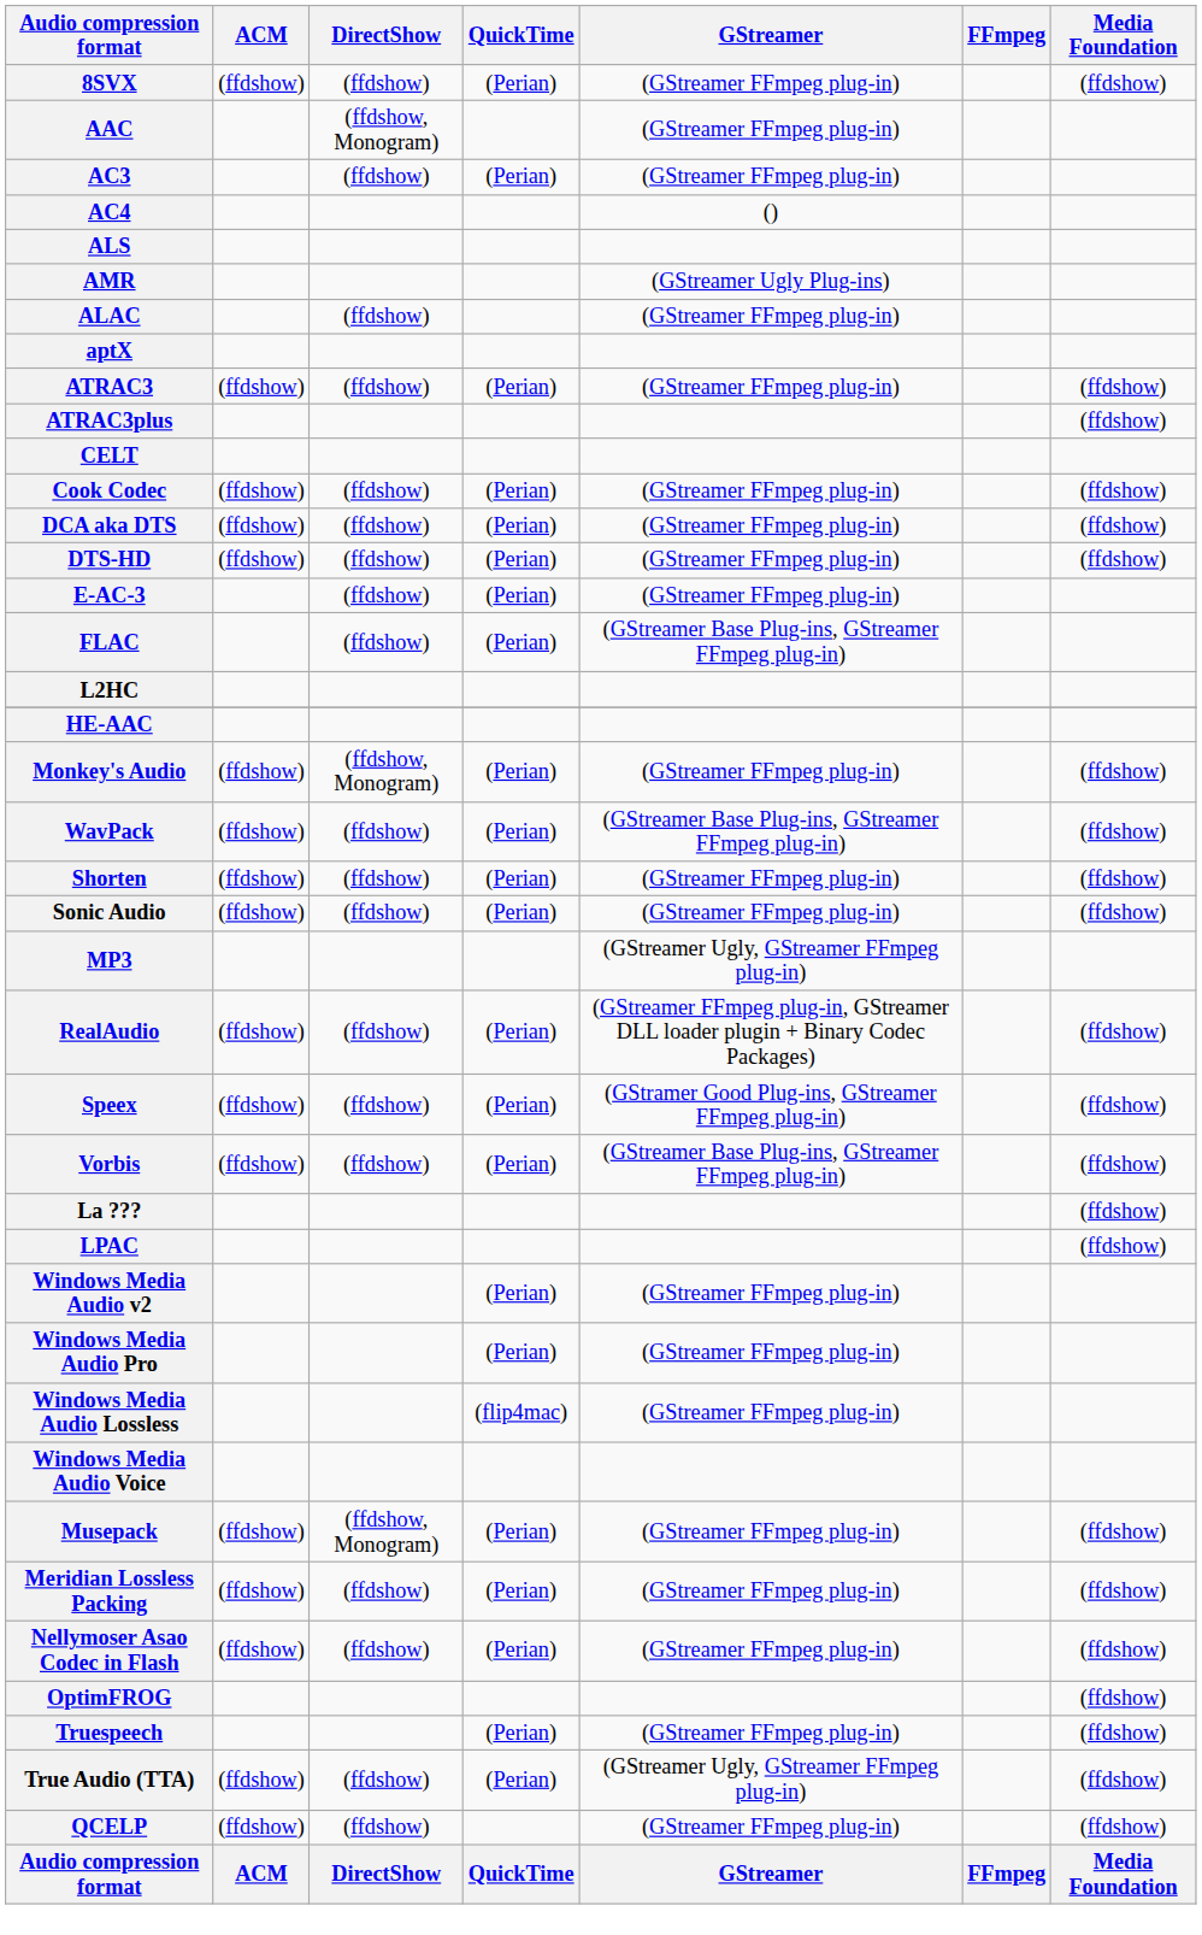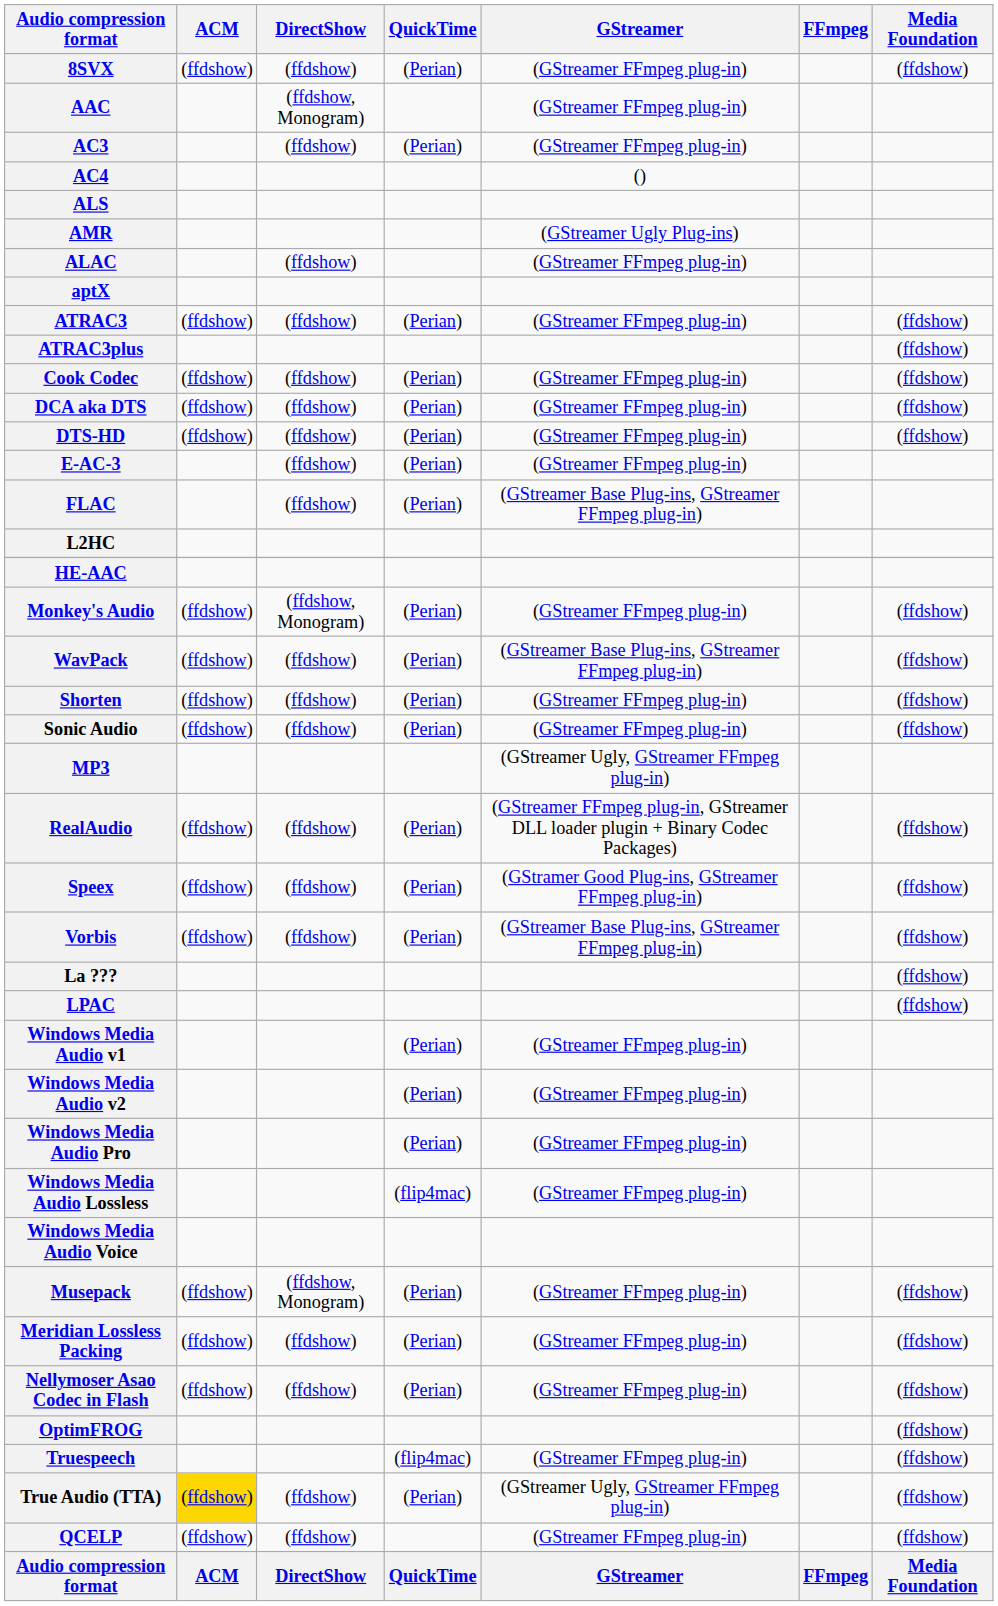 <table class="wikitable sortable" style="text-align: center">
 <tr>
 <th><a href='#'>Audio compression format</a></th>
 <th><a href='#'>ACM</a></th>
 <th><a href='#'>DirectShow</a></th>
 <th><a href='#'>QuickTime</a></th>
 <th><a href='#'>GStreamer</a></th>
 <th><a href='#'>FFmpeg</a></th>
 <th><a href='#'>Media Foundation</a></th>
 </tr>
 <tr>
 <th><a href='#'>8SVX</a></th>
 <td> (<a href='#'>ffdshow</a>)</td>
 <td> (<a href='#'>ffdshow</a>)</td>
 <td> (<a href='#'>Perian</a>)</td>
 <td> (<a href='#'>GStreamer FFmpeg plug-in</a>)</td>
 <td></td>
 <td> (<a href='#'>ffdshow</a>)</td>
 </tr>
 <tr>
 <th><a href='#'>AAC</a></th>
 <td></td>
 <td> (<a href='#'>ffdshow</a>, Monogram)</td>
 <td></td>
 <td> (<a href='#'>GStreamer FFmpeg plug-in</a>)</td>
 <td></td>
 <td></td>
 </tr>
 <tr>
 <th><a href='#'>AC3</a></th>
 <td></td>
 <td> (<a href='#'>ffdshow</a>)</td>
 <td> (<a href='#'>Perian</a>)</td>
 <td> (<a href='#'>GStreamer FFmpeg plug-in</a>)</td>
 <td></td>
 <td></td>
 </tr>
 <tr>
 <th><a href='#'>AC4</a></th>
 <td></td>
 <td></td>
 <td></td>
 <td> ()</td>
 <td></td>
 <td></td>
 </tr>
 <tr>
 <th><a href='#'>ALS</a></th>
 <td></td>
 <td></td>
 <td></td>
 <td></td>
 <td></td>
 <td></td>
 </tr>
 <tr>
 <th><a href='#'>AMR</a></th>
 <td></td>
 <td></td>
 <td><br> </td>
 <td> (<a href='#'>GStreamer Ugly Plug-ins</a>)</td>
 <td></td>
 <td></td>
 </tr>
 <tr>
 <th><a href='#'>ALAC</a></th>
 <td></td>
 <td> (<a href='#'>ffdshow</a>)</td>
 <td></td>
 <td> (<a href='#'>GStreamer FFmpeg plug-in</a>)</td>
 <td></td>
 <td></td>
 </tr>
 <tr>
 <th><a href='#'>aptX</a></th>
 <td></td>
 <td></td>
 <td></td>
 <td></td>
 <td></td>
 <td></td>
 </tr>
 <tr>
 <th><a href='#'>ATRAC3</a></th>
 <td> (<a href='#'>ffdshow</a>)</td>
 <td> (<a href='#'>ffdshow</a>)</td>
 <td> (<a href='#'>Perian</a>)</td>
 <td> (<a href='#'>GStreamer FFmpeg plug-in</a>)</td>
 <td></td>
 <td> (<a href='#'>ffdshow</a>)</td>
 </tr>
 <tr>
 <th><a href='#'>ATRAC3plus</a></th>
 <td></td>
 <td></td>
 <td></td>
 <td></td>
 <td></td>
 <td> (<a href='#'>ffdshow</a>)</td>
-</tr>
-<tr>
-<th><a href='#'>CELT</a></th>
-<td></td>
-<td></td>
-<td></td>
-<td></td>
-<td></td>
-<td></td>
 </tr>
 <tr>
 <th><a href='#'>Cook Codec</a></th>
 <td> (<a href='#'>ffdshow</a>)</td>
 <td> (<a href='#'>ffdshow</a>)</td>
 <td> (<a href='#'>Perian</a>)</td>
 <td> (<a href='#'>GStreamer FFmpeg plug-in</a>)</td>
 <td></td>
 <td> (<a href='#'>ffdshow</a>)</td>
 </tr>
 <tr>
 <th><a href='#'>DCA aka DTS</a></th>
 <td> (<a href='#'>ffdshow</a>)</td>
 <td> (<a href='#'>ffdshow</a>)</td>
 <td> (<a href='#'>Perian</a>)</td>
 <td> (<a href='#'>GStreamer FFmpeg plug-in</a>)</td>
 <td></td>
 <td> (<a href='#'>ffdshow</a>)</td>
 </tr>
 <tr>
 <th><a href='#'>DTS-HD</a></th>
 <td> (<a href='#'>ffdshow</a>)</td>
 <td> (<a href='#'>ffdshow</a>)</td>
 <td> (<a href='#'>Perian</a>)</td>
 <td> (<a href='#'>GStreamer FFmpeg plug-in</a>)</td>
 <td></td>
 <td> (<a href='#'>ffdshow</a>)</td>
 </tr>
 <tr>
 <th><a href='#'>E-AC-3</a></th>
 <td></td>
 <td> (<a href='#'>ffdshow</a>)</td>
 <td> (<a href='#'>Perian</a>)</td>
 <td> (<a href='#'>GStreamer FFmpeg plug-in</a>)</td>
 <td></td>
 <td></td>
 </tr>
 <tr>
 <th><a href='#'>FLAC</a></th>
 <td></td>
 <td> (<a href='#'>ffdshow</a>)</td>
 <td> (<a href='#'>Perian</a>)</td>
 <td> (<a href='#'>GStreamer Base Plug-ins</a>, <a href='#'>GStreamer FFmpeg plug-in</a>)</td>
 <td></td>
 <td></td>
 </tr>
 <tr>
 <th>L2HC</th>
 <td></td>
 <td></td>
 <td></td>
 <td></td>
 <td></td>
 <td></td>
 </tr>
 <tr>
 </tr>
 <tr>
 <th><a href='#'>HE-AAC</a></th>
 <td></td>
 <td></td>
 <td></td>
 <td></td>
 <td></td>
 <td></td>
 </tr>
 <tr>
 <th><a href='#'>Monkey's Audio</a></th>
 <td> (<a href='#'>ffdshow</a>)</td>
 <td> (<a href='#'>ffdshow</a>, Monogram)</td>
 <td> (<a href='#'>Perian</a>)</td>
 <td> (<a href='#'>GStreamer FFmpeg plug-in</a>)</td>
 <td></td>
 <td> (<a href='#'>ffdshow</a>)</td>
 </tr>
 <tr>
 <th><a href='#'>WavPack</a></th>
 <td> (<a href='#'>ffdshow</a>)</td>
 <td> (<a href='#'>ffdshow</a>)</td>
 <td> (<a href='#'>Perian</a>)</td>
 <td> (<a href='#'>GStreamer Base Plug-ins</a>, <a href='#'>GStreamer FFmpeg plug-in</a>)</td>
 <td></td>
 <td> (<a href='#'>ffdshow</a>)</td>
 </tr>
 <tr>
 <th><a href='#'>Shorten</a></th>
 <td> (<a href='#'>ffdshow</a>)</td>
 <td> (<a href='#'>ffdshow</a>)</td>
 <td> (<a href='#'>Perian</a>)</td>
 <td> (<a href='#'>GStreamer FFmpeg plug-in</a>)</td>
 <td></td>
 <td> (<a href='#'>ffdshow</a>)</td>
 </tr>
 <tr>
 <th>Sonic Audio</th>
 <td> (<a href='#'>ffdshow</a>)</td>
 <td> (<a href='#'>ffdshow</a>)</td>
 <td> (<a href='#'>Perian</a>)</td>
 <td> (<a href='#'>GStreamer FFmpeg plug-in</a>)</td>
 <td></td>
 <td> (<a href='#'>ffdshow</a>)</td>
 </tr>
 <tr>
 <th><a href='#'>MP3</a></th>
 <td></td>
 <td></td>
 <td></td>
 <td> (GStreamer Ugly, <a href='#'>GStreamer FFmpeg plug-in</a>)</td>
 <td></td>
 <td></td>
 </tr>
 <tr>
 <th><a href='#'>RealAudio</a></th>
 <td> (<a href='#'>ffdshow</a>)</td>
 <td> (<a href='#'>ffdshow</a>)</td>
 <td> (<a href='#'>Perian</a>)</td>
 <td> (<a href='#'>GStreamer FFmpeg plug-in</a>, GStreamer DLL loader plugin + Binary Codec Packages)</td>
 <td></td>
 <td> (<a href='#'>ffdshow</a>)</td>
 </tr>
 <tr>
 <th><a href='#'>Speex</a></th>
 <td> (<a href='#'>ffdshow</a>)</td>
 <td> (<a href='#'>ffdshow</a>)</td>
 <td> (<a href='#'>Perian</a>)</td>
 <td> (<a href='#'>GStramer Good Plug-ins</a>, <a href='#'>GStreamer FFmpeg plug-in</a>)</td>
 <td></td>
 <td> (<a href='#'>ffdshow</a>)</td>
 </tr>
 <tr>
 <th><a href='#'>Vorbis</a></th>
 <td> (<a href='#'>ffdshow</a>)</td>
 <td> (<a href='#'>ffdshow</a>)</td>
 <td> (<a href='#'>Perian</a>)</td>
 <td> (<a href='#'>GStreamer Base Plug-ins</a>, <a href='#'>GStreamer FFmpeg plug-in</a>)</td>
 <td></td>
 <td> (<a href='#'>ffdshow</a>)</td>
 </tr>
 <tr>
 <th>La ???</th>
 <td></td>
 <td></td>
 <td></td>
 <td></td>
 <td></td>
 <td> (<a href='#'>ffdshow</a>)</td>
 </tr>
 <tr>
 <th><a href='#'>LPAC</a></th>
 <td></td>
 <td></td>
 <td></td>
 <td></td>
 <td></td>
 <td> (<a href='#'>ffdshow</a>)</td>
 </tr>
 <tr>
+<th><a href='#'>Windows Media Audio</a> v1</th>
+<td></td>
+<td></td>
+<td> (<a href='#'>Perian</a>)</td>
+<td> (<a href='#'>GStreamer FFmpeg plug-in</a>)</td>
+<td></td>
+<td></td>
+</tr>
+<tr>
 <th><a href='#'>Windows Media Audio</a> v2</th>
 <td></td>
 <td></td>
 <td> (<a href='#'>Perian</a>)</td>
 <td> (<a href='#'>GStreamer FFmpeg plug-in</a>)</td>
 <td></td>
 <td></td>
 </tr>
 <tr>
 <th><a href='#'>Windows Media Audio</a> Pro</th>
 <td></td>
 <td></td>
 <td> (<a href='#'>Perian</a>)</td>
 <td> (<a href='#'>GStreamer FFmpeg plug-in</a>)</td>
 <td></td>
 <td></td>
 </tr>
 <tr>
 <th><a href='#'>Windows Media Audio</a> Lossless</th>
 <td></td>
 <td></td>
 <td> (<a href='#'>flip4mac</a>)</td>
 <td> (<a href='#'>GStreamer FFmpeg plug-in</a>)</td>
 <td></td>
 <td></td>
 </tr>
 <tr>
 <th><a href='#'>Windows Media Audio</a> Voice</th>
 <td></td>
 <td></td>
 <td></td>
 <td></td>
 <td></td>
 <td></td>
 </tr>
 <tr>
 <th><a href='#'>Musepack</a></th>
 <td> (<a href='#'>ffdshow</a>)</td>
 <td> (<a href='#'>ffdshow</a>, Monogram)</td>
 <td> (<a href='#'>Perian</a>)</td>
 <td> (<a href='#'>GStreamer FFmpeg plug-in</a>)</td>
 <td></td>
 <td> (<a href='#'>ffdshow</a>)</td>
 </tr>
 <tr>
 <th><a href='#'>Meridian Lossless Packing</a></th>
 <td> (<a href='#'>ffdshow</a>)</td>
 <td> (<a href='#'>ffdshow</a>)</td>
 <td> (<a href='#'>Perian</a>)</td>
 <td> (<a href='#'>GStreamer FFmpeg plug-in</a>)</td>
 <td></td>
 <td> (<a href='#'>ffdshow</a>)</td>
 </tr>
 <tr>
 <th><a href='#'>Nellymoser Asao Codec in Flash</a></th>
 <td> (<a href='#'>ffdshow</a>)</td>
 <td> (<a href='#'>ffdshow</a>)</td>
 <td> (<a href='#'>Perian</a>)</td>
 <td> (<a href='#'>GStreamer FFmpeg plug-in</a>)</td>
 <td></td>
 <td> (<a href='#'>ffdshow</a>)</td>
 </tr>
 <tr>
 <th><a href='#'>OptimFROG</a></th>
 <td></td>
 <td></td>
 <td></td>
 <td></td>
 <td></td>
 <td> (<a href='#'>ffdshow</a>)</td>
 </tr>
 <tr>
 <th><a href='#'>Truespeech</a></th>
 <td></td>
 <td></td>
-<td> (<a href='#'>Perian</a>)</td>
+<td> (<a href='#'>flip4mac</a>)</td>
 <td> (<a href='#'>GStreamer FFmpeg plug-in</a>)</td>
 <td></td>
 <td> (<a href='#'>ffdshow</a>)</td>
 </tr>
 <tr>
 <th>True Audio (TTA)</th>
-<td> (<a href='#'>ffdshow</a>)</td>
+<td style="background: gold;"> (<a href='#'>ffdshow</a>)</td>
 <td> (<a href='#'>ffdshow</a>)</td>
 <td> (<a href='#'>Perian</a>)</td>
 <td> (GStreamer Ugly, <a href='#'>GStreamer FFmpeg plug-in</a>)</td>
 <td></td>
 <td> (<a href='#'>ffdshow</a>)</td>
 </tr>
 <tr>
 <th><a href='#'>QCELP</a></th>
 <td> (<a href='#'>ffdshow</a>)</td>
 <td> (<a href='#'>ffdshow</a>)</td>
 <td></td>
 <td> (<a href='#'>GStreamer FFmpeg plug-in</a>)</td>
 <td></td>
 <td> (<a href='#'>ffdshow</a>)</td>
 </tr>
 <tr>
 <th><a href='#'>Audio compression format</a></th>
 <th><a href='#'>ACM</a></th>
 <th><a href='#'>DirectShow</a></th>
 <th><a href='#'>QuickTime</a></th>
 <th><a href='#'>GStreamer</a></th>
 <th><a href='#'>FFmpeg</a></th>
 <th><a href='#'>Media Foundation</a></th>
 </tr>
 </table>
